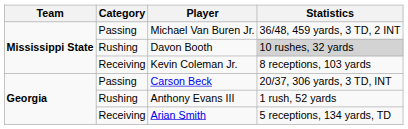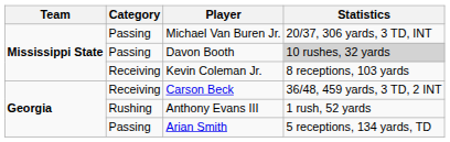 <table class="wikitable" style="float: right;">
 <tr>
 <th>Team</th>
 <th>Category</th>
 <th>Player</th>
 <th>Statistics</th>
 </tr>
 <tr>
 <td rowspan=3><strong>Mississippi State</strong></td>
 <td>Passing</td>
 <td>Michael Van Buren Jr.</td>
-<td>36/48, 459 yards, 3 TD, 2 INT</td>
+<td>20/37, 306 yards, 3 TD, INT</td>
 </tr>
 <tr>
-<td>Rushing</td>
+<td>Passing</td>
 <td>Davon Booth</td>
 <td style="background: lightgrey;">10 rushes, 32 yards</td>
 </tr>
 <tr>
 <td>Receiving</td>
 <td>Kevin Coleman Jr.</td>
 <td>8 receptions, 103 yards</td>
 </tr>
 <tr>
 <td rowspan=3><strong>Georgia</strong></td>
-<td>Passing</td>
+<td>Receiving</td>
 <td><a href='#'>Carson Beck</a></td>
-<td>20/37, 306 yards, 3 TD, INT</td>
+<td>36/48, 459 yards, 3 TD, 2 INT</td>
 </tr>
 <tr>
 <td>Rushing</td>
 <td>Anthony Evans III</td>
 <td>1 rush, 52 yards</td>
 </tr>
 <tr>
-<td>Receiving</td>
+<td>Passing</td>
 <td><a href='#'>Arian Smith</a></td>
 <td>5 receptions, 134 yards, TD</td>
 </tr>
 </table>
